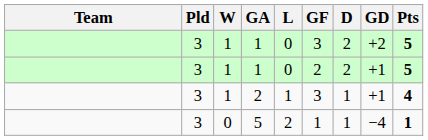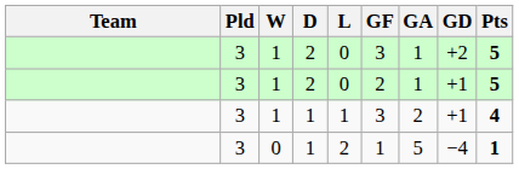 <table class="wikitable" style="text-align: center;">
 <tr>
 <th width="165">Team</th>
 <th width="20">Pld</th>
 <th width="20">W</th>
-<th width="20">GA</th>
+<th width="20">D</th>
 <th width="20">L</th>
 <th width="20">GF</th>
-<th width="20">D</th>
+<th width="20">GA</th>
 <th width="20">GD</th>
 <th width="20">Pts</th>
 </tr>
 <tr style="background-color:#ccffcc;">
 <td style="text-align:left"></td>
 <td>3</td>
 <td>1</td>
-<td>1</td>
+<td>2</td>
 <td>0</td>
 <td>3</td>
-<td>2</td>
+<td>1</td>
 <td>+2</td>
 <td><strong>5</strong></td>
 </tr>
 <tr style="background-color:#ccffcc;">
 <td style="text-align:left"></td>
 <td>3</td>
 <td>1</td>
-<td>1</td>
+<td>2</td>
 <td>0</td>
 <td>2</td>
-<td>2</td>
+<td>1</td>
 <td>+1</td>
 <td><strong>5</strong></td>
 </tr>
 <tr>
 <td style="text-align:left"></td>
 <td>3</td>
 <td>1</td>
-<td>2</td>
+<td>1</td>
 <td>1</td>
 <td>3</td>
-<td>1</td>
+<td>2</td>
 <td>+1</td>
 <td><strong>4</strong></td>
 </tr>
 <tr>
 <td style="text-align:left"></td>
 <td>3</td>
 <td>0</td>
-<td>5</td>
+<td>1</td>
 <td>2</td>
 <td>1</td>
-<td>1</td>
+<td>5</td>
 <td>−4</td>
 <td><strong>1</strong></td>
 </tr>
 </table>
